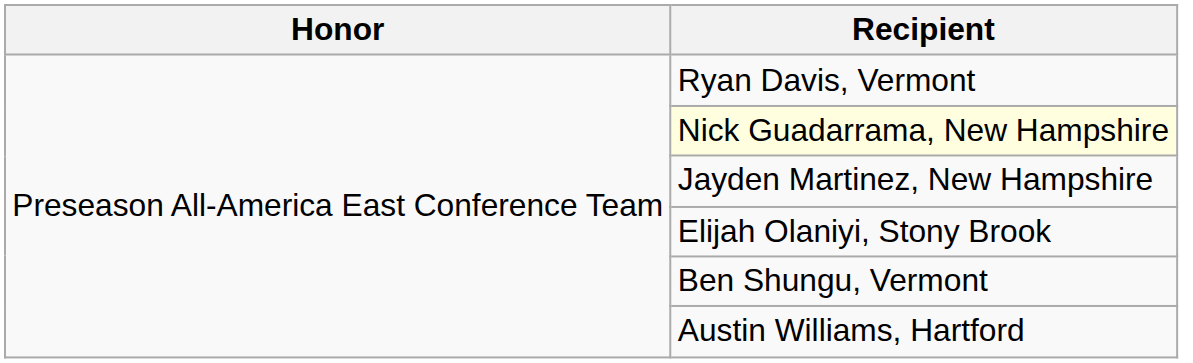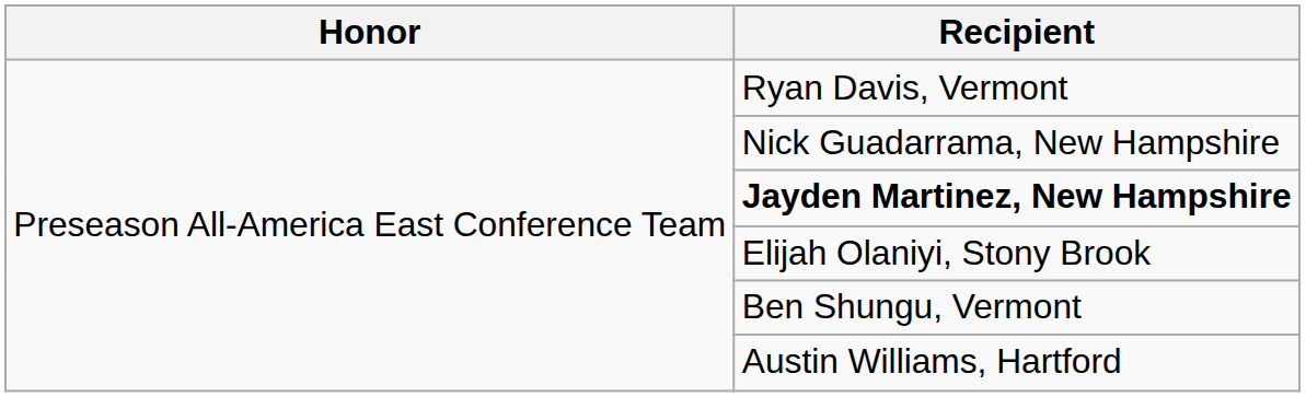 <table class="wikitable" border="1">
 <tr>
 <th>Honor</th>
 <th>Recipient</th>
 </tr>
 <tr>
 <td rowspan="6">Preseason All-America East Conference Team</td>
 <td>Ryan Davis, Vermont</td>
 </tr>
 <tr>
-<td style="background: lightyellow;">Nick Guadarrama, New Hampshire</td>
+<td>Nick Guadarrama, New Hampshire</td>
 </tr>
 <tr>
-<td>Jayden Martinez, New Hampshire</td>
+<td><strong>Jayden Martinez, New Hampshire</strong></td>
 </tr>
 <tr>
 <td>Elijah Olaniyi, Stony Brook</td>
 </tr>
 <tr>
 <td>Ben Shungu, Vermont</td>
 </tr>
 <tr>
 <td>Austin Williams, Hartford</td>
 </tr>
 </table>
